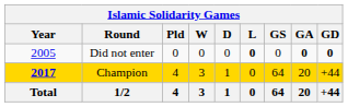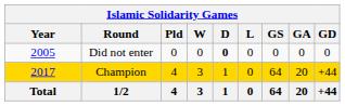 <table class="wikitable" width=50% style="text-align: center;font-size:100%;">
 <tr>
 <th colspan=10><a href='#'>Islamic Solidarity Games</a></th>
 </tr>
 <tr>
 <th width=25%>Year</th>
 <th width=25%>Round</th>
 <th width=8%>Pld</th>
 <th width=8%>W</th>
 <th width=8%>D</th>
 <th width=8%>L</th>
 <th width=8%>GS</th>
 <th width=8%>GA</th>
 <th width=10%>GD</th>
 </tr>
 <tr>
 <td><a href='#'>2005</a></td>
 <td>Did not enter</td>
 <td>0</td>
 <td>0</td>
-<td>0</td>
 <td><strong>0</strong></td>
 <td>0</td>
-<td><strong>0</strong></td>
-<td><strong>0</strong></td>
+<td>0</td>
+<td>0</td>
+<td>0</td>
 </tr>
 <tr bgcolor=gold>
-<td><strong><a href='#'>2017</a></strong></td>
+<td><a href='#'>2017</a></td>
 <td>Champion</td>
 <td>4</td>
 <td>3</td>
 <td>1</td>
 <td>0</td>
 <td>64</td>
 <td>20</td>
 <td>+44</td>
 </tr>
 <tr>
 <th>Total</th>
 <th>1/2</th>
 <th>4</th>
 <th>3</th>
 <th>1</th>
 <th>0</th>
 <th>64</th>
 <th>20</th>
 <th>+44</th>
 </tr>
 </table>
